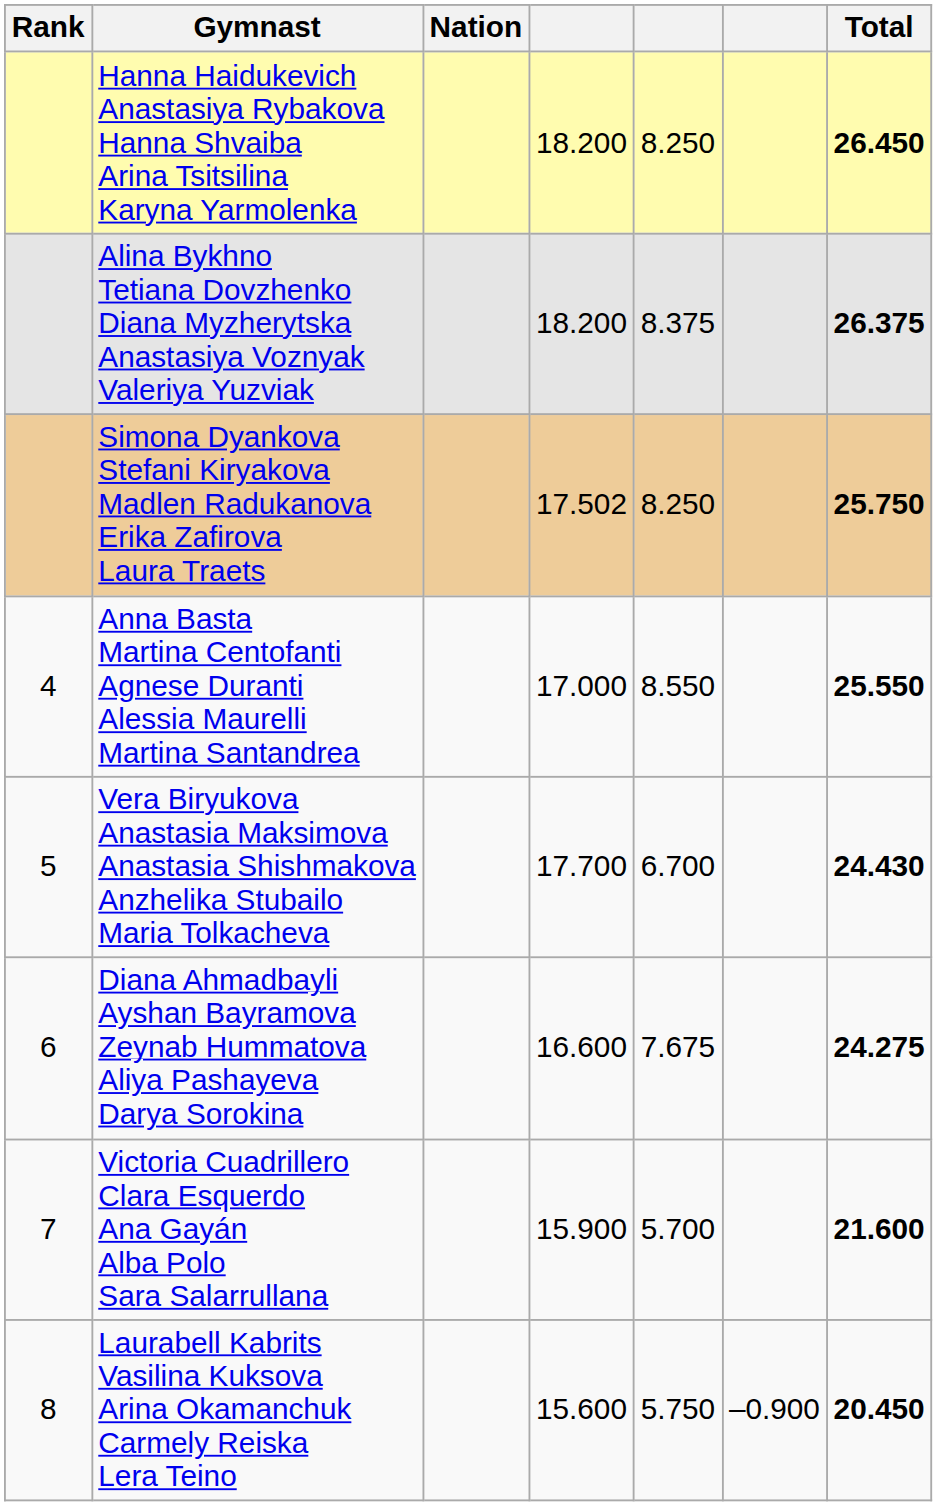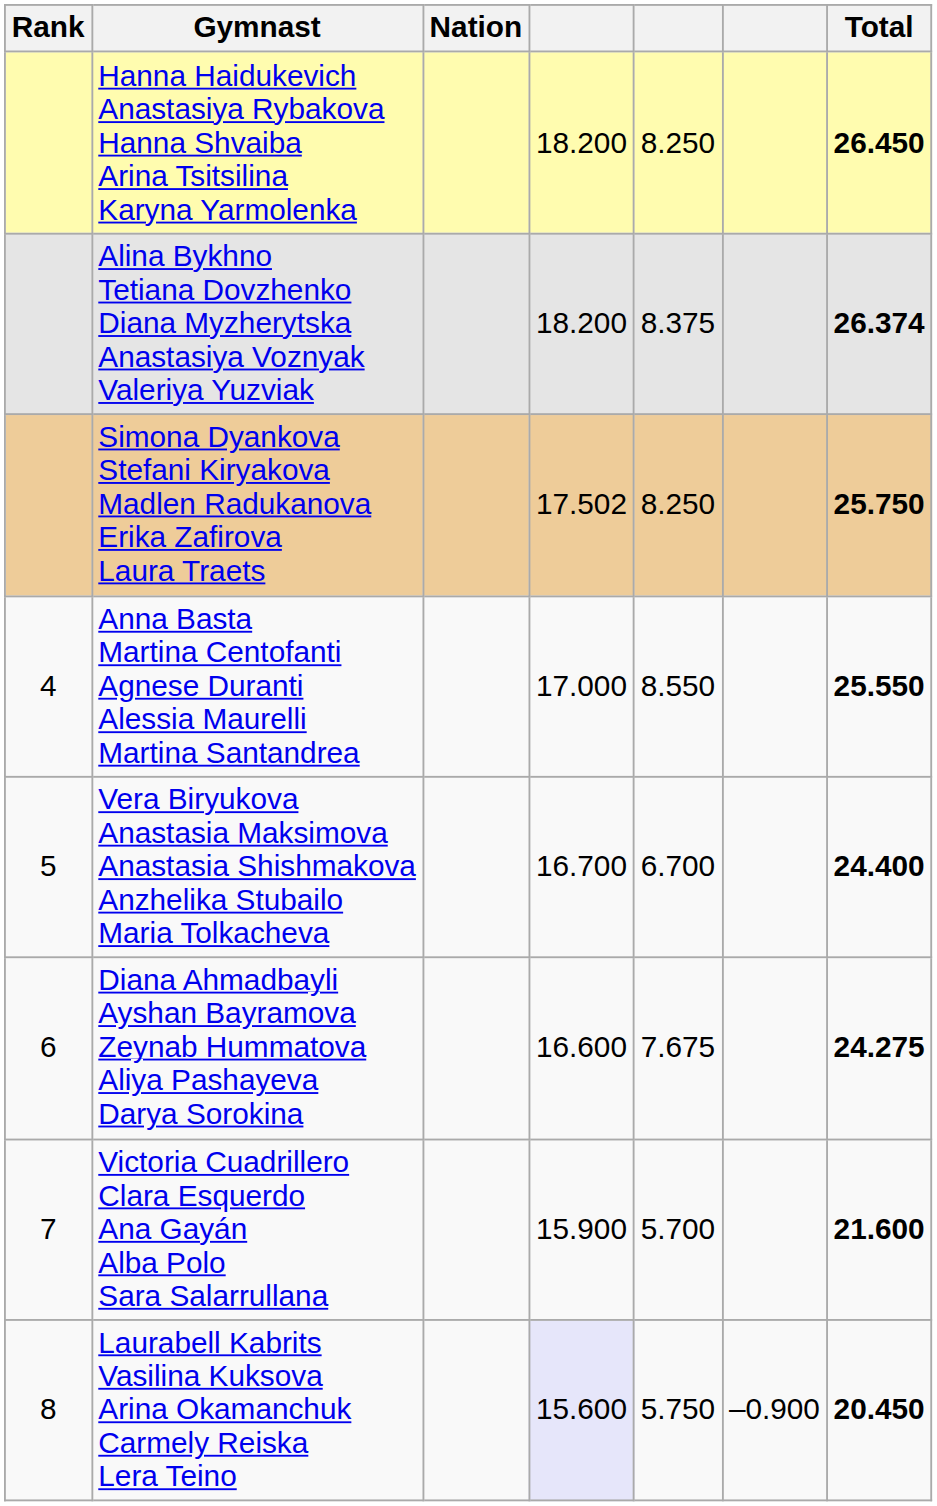 <table class="wikitable sortable" style="text-align:center">
 <tr>
 <th>Rank</th>
 <th>Gymnast</th>
 <th>Nation</th>
 <th><small></small></th>
 <th><small></small></th>
 <th><small></small></th>
 <th>Total</th>
 </tr>
 <tr bgcolor=fffcaf>
 <td></td>
 <td align=left><a href='#'>Hanna Haidukevich</a><br><a href='#'>Anastasiya Rybakova</a><br><a href='#'>Hanna Shvaiba</a><br><a href='#'>Arina Tsitsilina</a><br><a href='#'>Karyna Yarmolenka</a></td>
 <td align=left></td>
 <td>18.200</td>
 <td>8.250</td>
 <td></td>
 <td><strong>26.450</strong></td>
 </tr>
 <tr bgcolor=e5e5e5>
 <td></td>
 <td align=left><a href='#'>Alina Bykhno</a><br><a href='#'>Tetiana Dovzhenko</a><br><a href='#'>Diana Myzherytska</a><br><a href='#'>Anastasiya Voznyak</a><br><a href='#'>Valeriya Yuzviak</a></td>
 <td align=left></td>
 <td>18.200</td>
 <td>8.375</td>
 <td></td>
-<td><strong>26.375</strong></td>
+<td><strong>26.374</strong></td>
 </tr>
 <tr bgcolor=eecc99>
 <td></td>
 <td align=left><a href='#'>Simona Dyankova</a><br><a href='#'>Stefani Kiryakova</a><br><a href='#'>Madlen Radukanova</a><br><a href='#'>Erika Zafirova</a><br><a href='#'>Laura Traets</a></td>
 <td align=left></td>
 <td>17.502</td>
 <td>8.250</td>
 <td></td>
 <td><strong>25.750</strong></td>
 </tr>
 <tr>
 <td>4</td>
 <td align=left><a href='#'>Anna Basta</a><br><a href='#'>Martina Centofanti</a><br><a href='#'>Agnese Duranti</a><br><a href='#'>Alessia Maurelli</a><br><a href='#'>Martina Santandrea</a></td>
 <td align=left></td>
 <td>17.000</td>
 <td>8.550</td>
 <td></td>
 <td><strong>25.550</strong></td>
 </tr>
 <tr>
 <td>5</td>
 <td align=left><a href='#'>Vera Biryukova</a><br><a href='#'>Anastasia Maksimova</a><br><a href='#'>Anastasia Shishmakova</a><br><a href='#'>Anzhelika Stubailo</a><br><a href='#'>Maria Tolkacheva</a></td>
 <td align=left></td>
-<td>17.700</td>
+<td>16.700</td>
 <td>6.700</td>
 <td></td>
-<td><strong>24.430</strong></td>
+<td><strong>24.400</strong></td>
 </tr>
 <tr>
 <td>6</td>
 <td align=left><a href='#'>Diana Ahmadbayli</a><br><a href='#'>Ayshan Bayramova</a><br><a href='#'>Zeynab Hummatova</a><br><a href='#'>Aliya Pashayeva</a><br><a href='#'>Darya Sorokina</a></td>
 <td align=left></td>
 <td>16.600</td>
 <td>7.675</td>
 <td></td>
 <td><strong>24.275</strong></td>
 </tr>
 <tr>
 <td>7</td>
 <td align=left><a href='#'>Victoria Cuadrillero</a><br><a href='#'>Clara Esquerdo</a><br><a href='#'>Ana Gayán</a><br><a href='#'>Alba Polo</a><br><a href='#'>Sara Salarrullana</a></td>
 <td align=left></td>
 <td>15.900</td>
 <td>5.700</td>
 <td></td>
 <td><strong>21.600</strong></td>
 </tr>
 <tr>
 <td>8</td>
 <td align=left><a href='#'>Laurabell Kabrits</a><br><a href='#'>Vasilina Kuksova</a><br><a href='#'>Arina Okamanchuk</a><br><a href='#'>Carmely Reiska</a><br><a href='#'>Lera Teino</a></td>
 <td align=left></td>
-<td>15.600</td>
+<td style="background: lavender;">15.600</td>
 <td>5.750</td>
 <td>–0.900</td>
 <td><strong>20.450</strong></td>
 </tr>
 </table>
